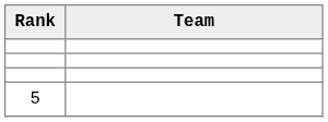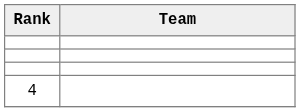 <table style=border-collapse:collapse border=1 cellspacing=1 cellpadding=5>
 <tr align=center bgcolor=#efefef>
 <th width=35>Rank</th>
 <th width=185>Team</th>
 </tr>
 <tr align=center>
 <td></td>
 <td style="text-align:left;"></td>
 </tr>
 <tr align=center>
 <td></td>
 <td style="text-align:left;"></td>
 </tr>
 <tr align=center>
 <td></td>
 <td style="text-align:left;"></td>
 </tr>
 <tr align=center>
-<td>5</td>
+<td>4</td>
 <td style="text-align:left;"></td>
 </tr>
 <tr align=center>
 </tr>
 </table>
